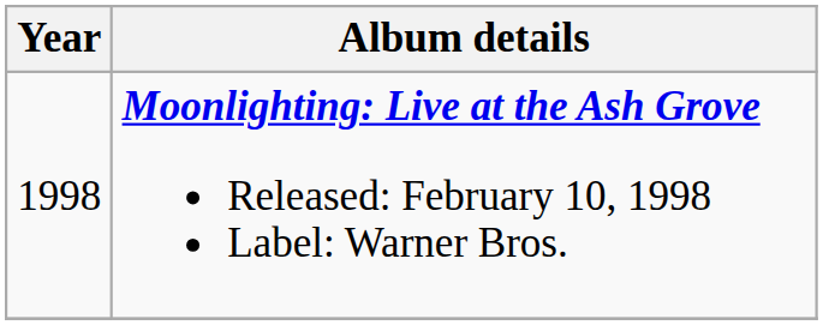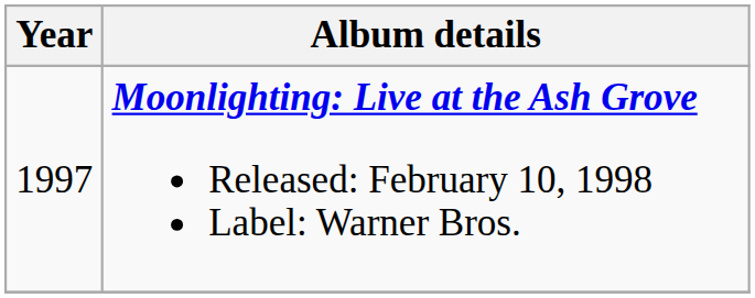 <table class="wikitable">
 <tr>
 <th width=33>Year</th>
 <th width="260">Album details</th>
 </tr>
 <tr>
-<td align="center">1998</td>
+<td align="center">1997</td>
 <td><strong><em><a href='#'>Moonlighting: Live at the Ash Grove</a></em></strong><br><ul><li>Released: February 10, 1998</li><li>Label: Warner Bros.</li></ul></td>
 </tr>
 <tr>
 </tr>
 </table>
